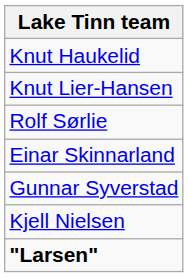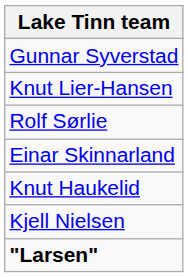 <table class="wikitable" style="display: inline-table;">
 <tr>
 <th>Lake Tinn team</th>
 </tr>
 <tr>
-<td><a href='#'>Knut Haukelid</a></td>
+<td><a href='#'>Gunnar Syverstad</a></td>
 </tr>
 <tr>
 <td><a href='#'>Knut Lier-Hansen</a></td>
 </tr>
 <tr>
 <td><a href='#'>Rolf Sørlie</a></td>
 </tr>
 <tr>
 <td><a href='#'>Einar Skinnarland</a></td>
 </tr>
 <tr>
-<td><a href='#'>Gunnar Syverstad</a></td>
+<td><a href='#'>Knut Haukelid</a></td>
 </tr>
 <tr>
 <td><a href='#'>Kjell Nielsen</a></td>
 </tr>
 <tr>
 <td><strong>"Larsen"</strong></td>
 </tr>
 </table>
